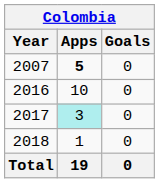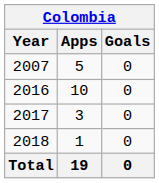 <table class="wikitable" style="text-align:center">
 <tr>
 <th colspan=3><a href='#'>Colombia</a></th>
 </tr>
 <tr>
 <th>Year</th>
 <th>Apps</th>
 <th>Goals</th>
 </tr>
 <tr>
 <td>2007</td>
-<td><strong>5</strong></td>
+<td>5</td>
 <td>0</td>
 </tr>
 <tr>
 <td>2016</td>
 <td>10</td>
 <td>0</td>
 </tr>
 <tr>
 <td>2017</td>
-<td style="background: paleturquoise;">3</td>
+<td>3</td>
 <td>0</td>
 </tr>
 <tr>
 <td>2018</td>
 <td>1</td>
 <td>0</td>
 </tr>
 <tr>
 <th>Total</th>
 <th>19</th>
 <th>0</th>
 </tr>
 </table>
